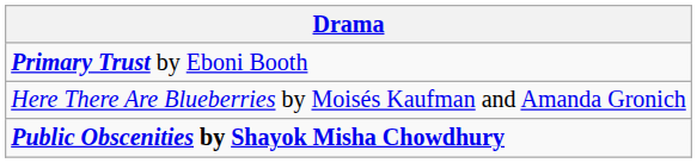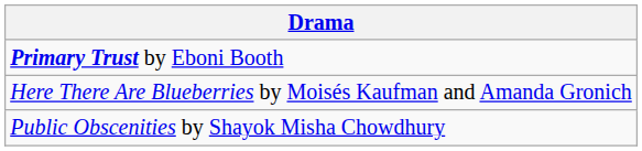 <table class="wikitable" style="float:left; float:none;">
 <tr>
 <th><a href='#'>Drama</a></th>
 </tr>
 <tr>
 <td><strong><em><a href='#'>Primary Trust</a></em></strong> by <a href='#'>Eboni Booth</a></td>
 </tr>
 <tr>
 <td><em><a href='#'>Here There Are Blueberries</a></em> by <a href='#'>Moisés Kaufman</a> and <a href='#'>Amanda Gronich</a></td>
 </tr>
 <tr>
-<td><strong><em><a href='#'>Public Obscenities</a></em> by <a href='#'>Shayok Misha Chowdhury</a></strong></td>
+<td><em><a href='#'>Public Obscenities</a></em> by <a href='#'>Shayok Misha Chowdhury</a></td>
 </tr>
 </table>
